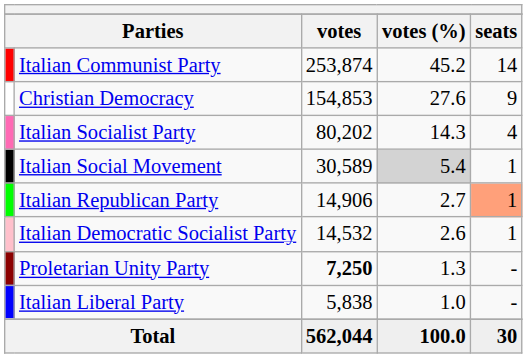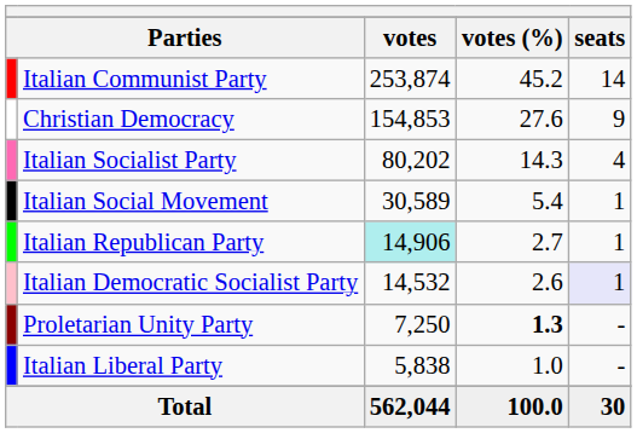 <table class="wikitable" style="font-size:95%">
 <tr>
 <th colspan=5></th>
 </tr>
 <tr>
 </tr>
 <tr bgcolor="EFEFEF">
 <th colspan=2>Parties</th>
 <th>votes</th>
 <th>votes (%)</th>
 <th>seats</th>
 </tr>
 <tr>
 <td bgcolor=red></td>
 <td><a href='#'>Italian Communist Party</a></td>
 <td align=right>253,874</td>
 <td align=right>45.2</td>
 <td align=right>14</td>
 </tr>
 <tr>
 <td bgcolor=white></td>
 <td><a href='#'>Christian Democracy</a></td>
 <td align=right>154,853</td>
 <td align=right>27.6</td>
 <td align=right>9</td>
 </tr>
 <tr>
 <td bgcolor=hotpink></td>
 <td><a href='#'>Italian Socialist Party</a></td>
 <td align=right>80,202</td>
 <td align=right>14.3</td>
 <td align=right>4</td>
 </tr>
 <tr>
 <td bgcolor=black></td>
 <td><a href='#'>Italian Social Movement</a></td>
 <td align=right>30,589</td>
-<td align=right style="background: lightgrey;">5.4</td>
+<td align=right>5.4</td>
 <td align=right>1</td>
 </tr>
 <tr>
 <td bgcolor=lime></td>
 <td><a href='#'>Italian Republican Party</a></td>
-<td align=right>14,906</td>
+<td align=right style="background: paleturquoise;">14,906</td>
 <td align=right>2.7</td>
-<td align=right style="background: lightsalmon;">1</td>
+<td align=right>1</td>
 </tr>
 <tr>
 <td bgcolor=pink></td>
 <td><a href='#'>Italian Democratic Socialist Party</a></td>
 <td align=right>14,532</td>
 <td align=right>2.6</td>
-<td align=right>1</td>
+<td align=right style="background: lavender;">1</td>
 </tr>
 <tr>
 <td bgcolor=Darkred></td>
 <td><a href='#'>Proletarian Unity Party</a></td>
-<td align=right><strong>7,250</strong></td>
-<td align=right>1.3</td>
+<td align=right>7,250</td>
+<td align=right><strong>1.3</strong></td>
 <td align=right>-</td>
 </tr>
 <tr>
 <td bgcolor=Blue></td>
 <td><a href='#'>Italian Liberal Party</a></td>
 <td align=right>5,838</td>
 <td align=right>1.0</td>
 <td align=right>-</td>
 </tr>
 <tr>
 </tr>
 <tr bgcolor="EFEFEF">
 <th colspan=2><strong>Total</strong></th>
 <td align=right><strong>562,044</strong></td>
 <td align=right><strong>100.0</strong></td>
 <td align=right><strong>30</strong></td>
 </tr>
 </table>
